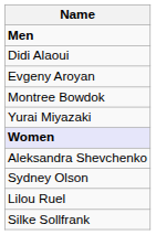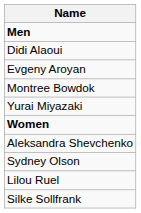 <table class="wikitable">
 <tr>
 <th>Name</th>
 </tr>
 <tr>
 <td><strong>Men</strong></td>
 </tr>
 <tr>
 <td> Didi Alaoui</td>
 </tr>
 <tr>
 <td> Evgeny Aroyan</td>
 </tr>
 <tr>
 <td> Montree Bowdok</td>
 </tr>
 <tr>
 <td> Yurai Miyazaki</td>
 </tr>
 <tr>
-<td style="background: lavender;"><strong>Women</strong></td>
+<td><strong>Women</strong></td>
 </tr>
 <tr>
 <td> Aleksandra Shevchenko</td>
 </tr>
 <tr>
 <td> Sydney Olson</td>
 </tr>
 <tr>
 <td> Lilou Ruel</td>
 </tr>
 <tr>
 <td> Silke Sollfrank</td>
 </tr>
 </table>
